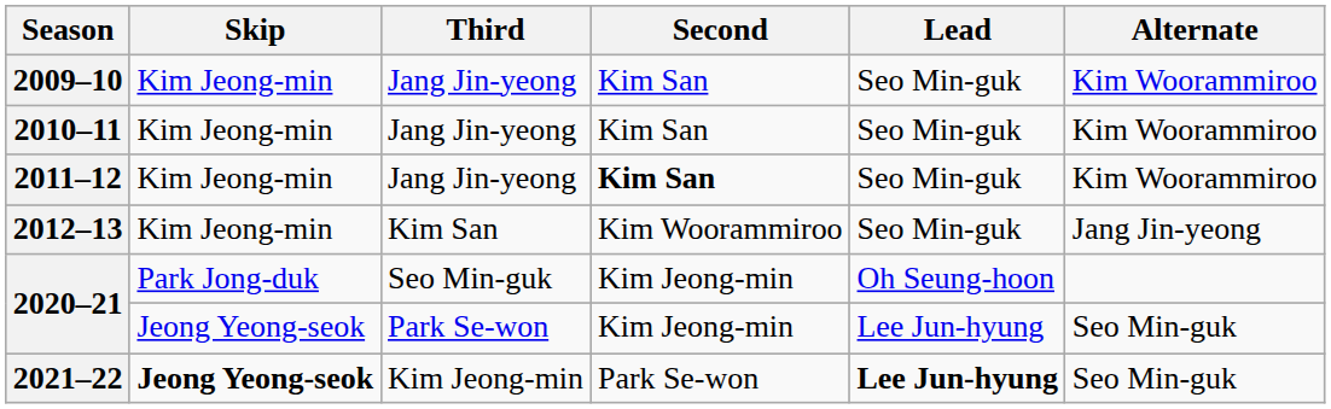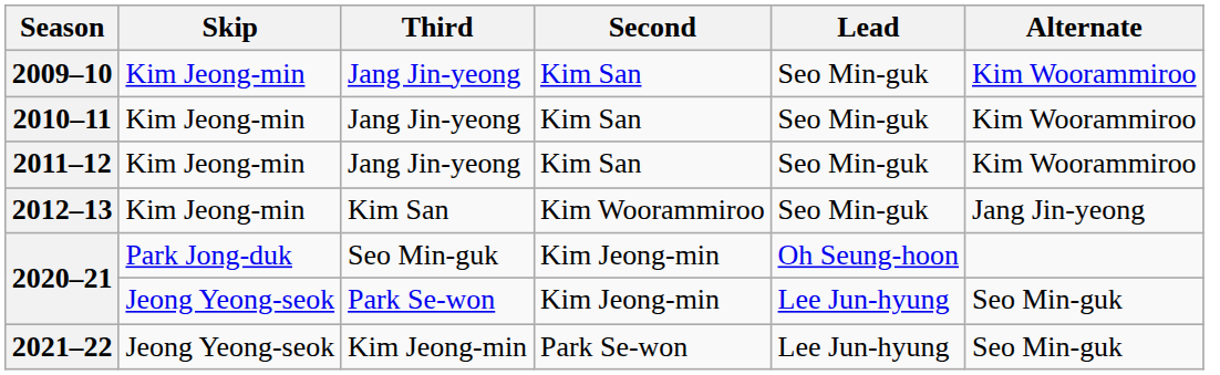 <table class="wikitable">
 <tr>
 <th scope="col">Season</th>
 <th scope="col">Skip</th>
 <th scope="col">Third</th>
 <th scope="col">Second</th>
 <th scope="col">Lead</th>
 <th scope="col">Alternate</th>
 </tr>
 <tr>
 <th scope="row">2009–10</th>
 <td><a href='#'>Kim Jeong-min</a></td>
 <td><a href='#'>Jang Jin-yeong</a></td>
 <td><a href='#'>Kim San</a></td>
 <td>Seo Min-guk</td>
 <td><a href='#'>Kim Woorammiroo</a></td>
 </tr>
 <tr>
 <th scope="row">2010–11</th>
 <td>Kim Jeong-min</td>
 <td>Jang Jin-yeong</td>
 <td>Kim San</td>
 <td>Seo Min-guk</td>
 <td>Kim Woorammiroo</td>
 </tr>
 <tr>
 <th scope="row">2011–12</th>
 <td>Kim Jeong-min</td>
 <td>Jang Jin-yeong</td>
-<td><strong>Kim San</strong></td>
+<td>Kim San</td>
 <td>Seo Min-guk</td>
 <td>Kim Woorammiroo</td>
 </tr>
 <tr>
 <th scope="row">2012–13</th>
 <td>Kim Jeong-min</td>
 <td>Kim San</td>
 <td>Kim Woorammiroo</td>
 <td>Seo Min-guk</td>
 <td>Jang Jin-yeong</td>
 </tr>
 <tr>
 <th scope="row" rowspan=2>2020–21</th>
 <td><a href='#'>Park Jong-duk</a></td>
 <td>Seo Min-guk</td>
 <td>Kim Jeong-min</td>
 <td><a href='#'>Oh Seung-hoon</a></td>
 <td></td>
 </tr>
 <tr>
 <td><a href='#'>Jeong Yeong-seok</a></td>
 <td><a href='#'>Park Se-won</a></td>
 <td>Kim Jeong-min</td>
 <td><a href='#'>Lee Jun-hyung</a></td>
 <td>Seo Min-guk</td>
 </tr>
 <tr>
 <th scope="row">2021–22</th>
-<td><strong>Jeong Yeong-seok</strong></td>
+<td>Jeong Yeong-seok</td>
 <td>Kim Jeong-min</td>
 <td>Park Se-won</td>
-<td><strong>Lee Jun-hyung</strong></td>
+<td>Lee Jun-hyung</td>
 <td>Seo Min-guk</td>
 </tr>
 </table>
